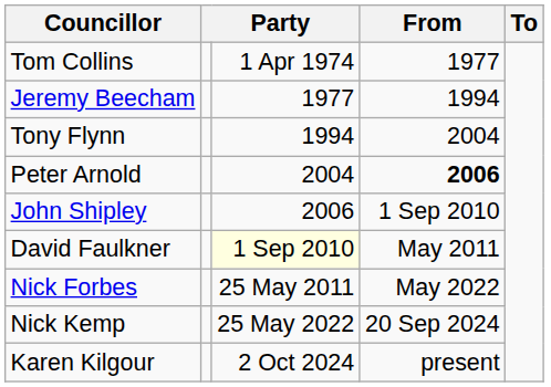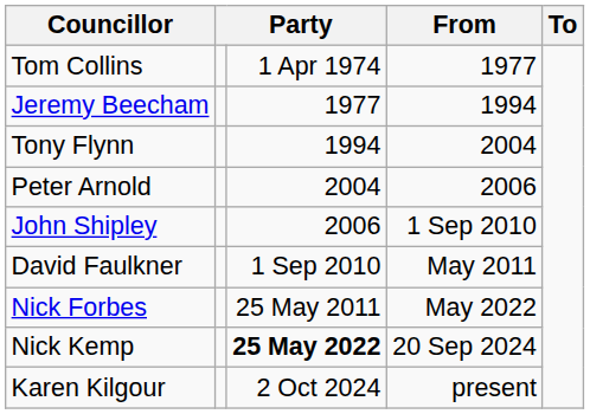 <table class=wikitable>
 <tr>
 <th>Councillor</th>
 <th colspan=2>Party</th>
 <th>From</th>
 <th>To</th>
 </tr>
 <tr>
 <td>Tom Collins</td>
 <td></td>
 <td align=right>1 Apr 1974</td>
 <td align=right>1977</td>
 </tr>
 <tr>
 <td><a href='#'>Jeremy Beecham</a></td>
 <td></td>
 <td align=right>1977</td>
 <td align=right>1994</td>
 </tr>
 <tr>
 <td>Tony Flynn</td>
 <td></td>
 <td align=right>1994</td>
 <td align=right>2004</td>
 </tr>
 <tr>
 <td>Peter Arnold</td>
 <td></td>
 <td align=right>2004</td>
-<td align=right><strong>2006</strong></td>
+<td align=right>2006</td>
 </tr>
 <tr>
 <td><a href='#'>John Shipley</a></td>
 <td></td>
 <td align=right>2006</td>
 <td align=right>1 Sep 2010</td>
 </tr>
 <tr>
 <td>David Faulkner</td>
 <td></td>
-<td align=right style="background: lightyellow;">1 Sep 2010</td>
+<td align=right>1 Sep 2010</td>
 <td align=right>May 2011</td>
 </tr>
 <tr>
 <td><a href='#'>Nick Forbes</a></td>
 <td></td>
 <td align=right>25 May 2011</td>
 <td align=right>May 2022</td>
 </tr>
 <tr>
 <td>Nick Kemp</td>
 <td></td>
-<td align=right>25 May 2022</td>
+<td align=right><strong>25 May 2022</strong></td>
 <td align=right>20 Sep 2024</td>
 </tr>
 <tr>
 <td>Karen Kilgour</td>
 <td></td>
 <td align=right>2 Oct 2024</td>
 <td align=right>present</td>
 </tr>
 </table>
